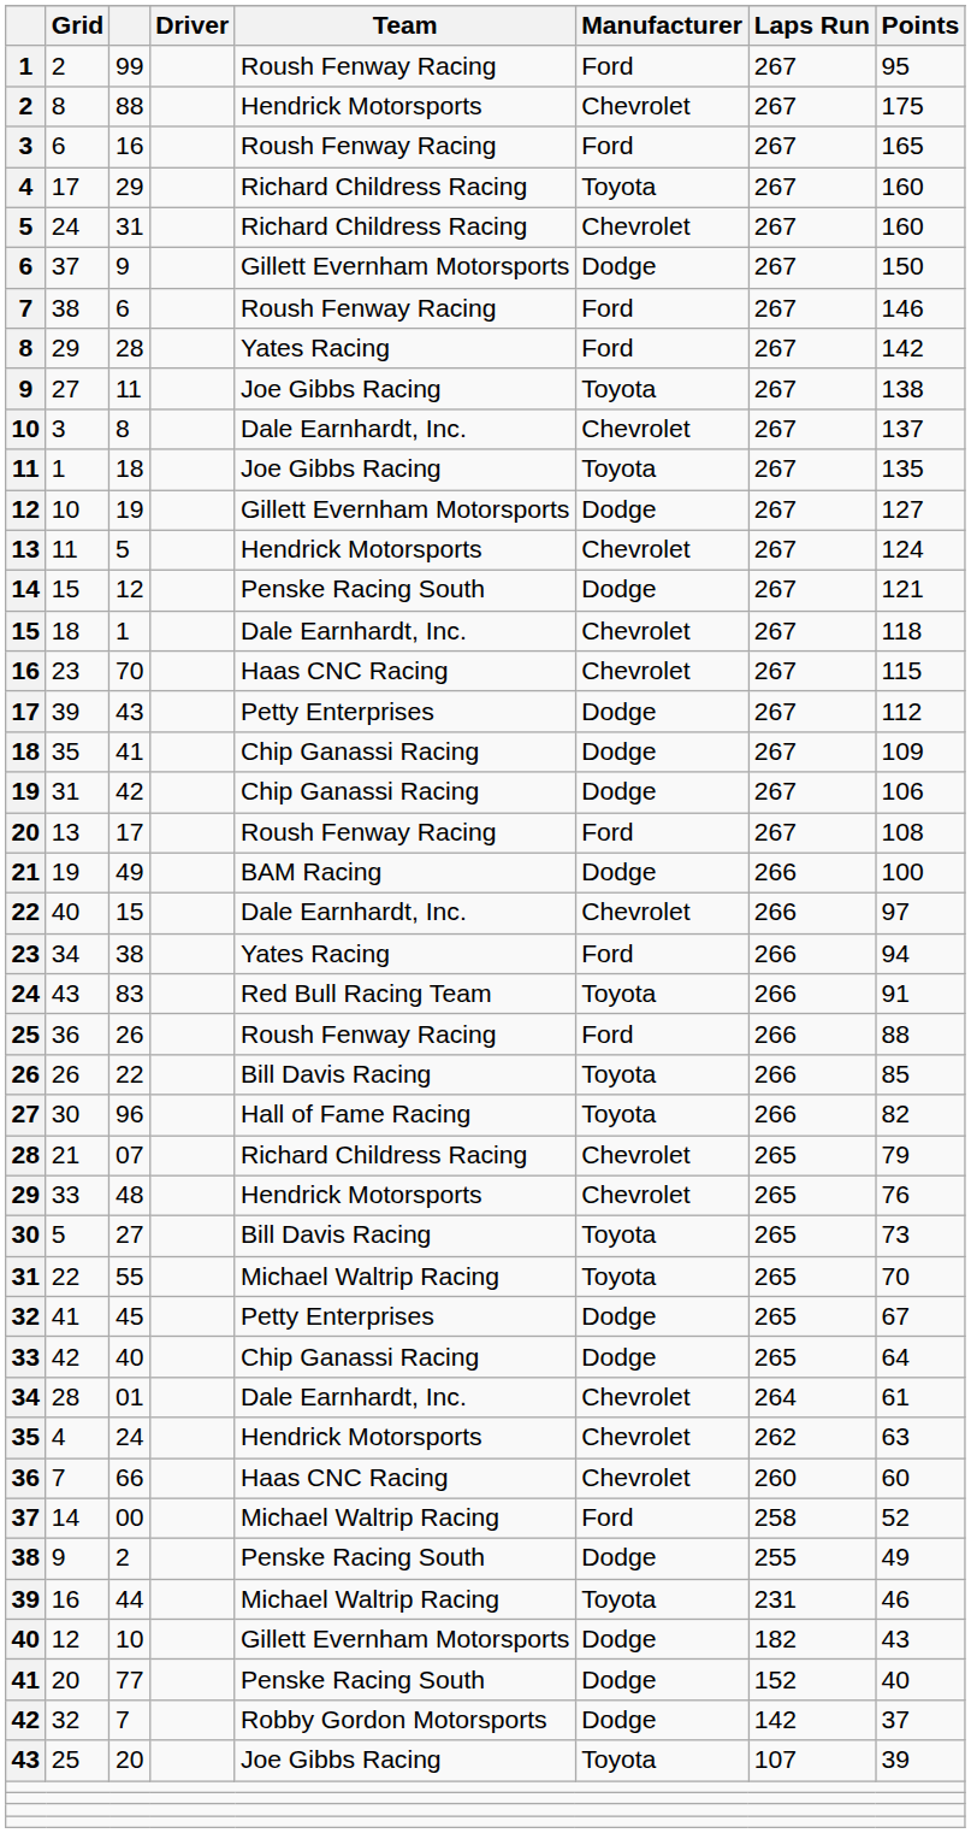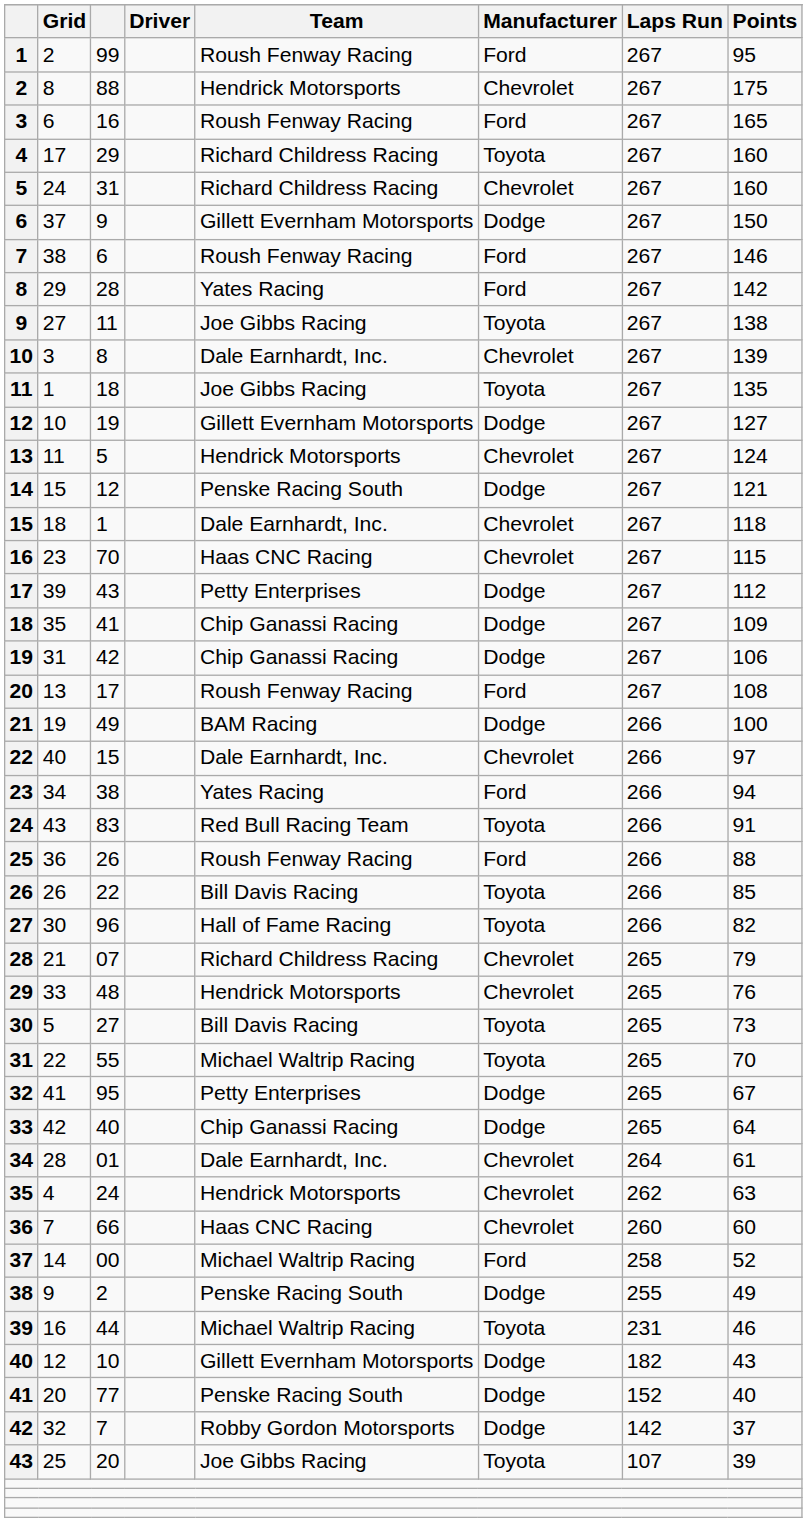 <table class="wikitable sortable">
 <tr>
 </tr>
 <tr>
 <th scope="col"></th>
 <th scope="col">Grid</th>
 <th scope="col"></th>
 <th scope="col">Driver</th>
 <th scope="col">Team</th>
 <th scope="col">Manufacturer</th>
 <th scope="col">Laps Run</th>
 <th scope="col">Points</th>
 </tr>
 <tr>
 <th scope="row">1</th>
 <td>2</td>
 <td>99</td>
 <td></td>
 <td>Roush Fenway Racing</td>
 <td>Ford</td>
 <td>267</td>
 <td>95</td>
 </tr>
 <tr>
 <th scope="row">2</th>
 <td>8</td>
 <td>88</td>
 <td></td>
 <td>Hendrick Motorsports</td>
 <td>Chevrolet</td>
 <td>267</td>
 <td>175</td>
 </tr>
 <tr>
 <th scope="row">3</th>
 <td>6</td>
 <td>16</td>
 <td></td>
 <td>Roush Fenway Racing</td>
 <td>Ford</td>
 <td>267</td>
 <td>165</td>
 </tr>
 <tr>
 <th scope="row">4</th>
 <td>17</td>
 <td>29</td>
 <td></td>
 <td>Richard Childress Racing</td>
 <td>Toyota</td>
 <td>267</td>
 <td>160</td>
 </tr>
 <tr>
 <th scope="row">5</th>
 <td>24</td>
 <td>31</td>
 <td></td>
 <td>Richard Childress Racing</td>
 <td>Chevrolet</td>
 <td>267</td>
 <td>160</td>
 </tr>
 <tr>
 <th scope="row">6</th>
 <td>37</td>
 <td>9</td>
 <td></td>
 <td>Gillett Evernham Motorsports</td>
 <td>Dodge</td>
 <td>267</td>
 <td>150</td>
 </tr>
 <tr>
 <th scope="row">7</th>
 <td>38</td>
 <td>6</td>
 <td></td>
 <td>Roush Fenway Racing</td>
 <td>Ford</td>
 <td>267</td>
 <td>146</td>
 </tr>
 <tr>
 <th scope="row">8</th>
 <td>29</td>
 <td>28</td>
 <td></td>
 <td>Yates Racing</td>
 <td>Ford</td>
 <td>267</td>
 <td>142</td>
 </tr>
 <tr>
 <th scope="row">9</th>
 <td>27</td>
 <td>11</td>
 <td></td>
 <td>Joe Gibbs Racing</td>
 <td>Toyota</td>
 <td>267</td>
 <td>138</td>
 </tr>
 <tr>
 <th scope="row">10</th>
 <td>3</td>
 <td>8</td>
 <td></td>
 <td>Dale Earnhardt, Inc.</td>
 <td>Chevrolet</td>
 <td>267</td>
-<td>137</td>
+<td>139</td>
 </tr>
 <tr>
 <th scope="row">11</th>
 <td>1</td>
 <td>18</td>
 <td></td>
 <td>Joe Gibbs Racing</td>
 <td>Toyota</td>
 <td>267</td>
 <td>135</td>
 </tr>
 <tr>
 <th scope="row">12</th>
 <td>10</td>
 <td>19</td>
 <td></td>
 <td>Gillett Evernham Motorsports</td>
 <td>Dodge</td>
 <td>267</td>
 <td>127</td>
 </tr>
 <tr>
 <th scope="row">13</th>
 <td>11</td>
 <td>5</td>
 <td></td>
 <td>Hendrick Motorsports</td>
 <td>Chevrolet</td>
 <td>267</td>
 <td>124</td>
 </tr>
 <tr>
 <th scope="row">14</th>
 <td>15</td>
 <td>12</td>
 <td></td>
 <td>Penske Racing South</td>
 <td>Dodge</td>
 <td>267</td>
 <td>121</td>
 </tr>
 <tr>
 <th scope="row">15</th>
 <td>18</td>
 <td>1</td>
 <td></td>
 <td>Dale Earnhardt, Inc.</td>
 <td>Chevrolet</td>
 <td>267</td>
 <td>118</td>
 </tr>
 <tr>
 <th scope="row">16</th>
 <td>23</td>
 <td>70</td>
 <td></td>
 <td>Haas CNC Racing</td>
 <td>Chevrolet</td>
 <td>267</td>
 <td>115</td>
 </tr>
 <tr>
 <th scope="row">17</th>
 <td>39</td>
 <td>43</td>
 <td></td>
 <td>Petty Enterprises</td>
 <td>Dodge</td>
 <td>267</td>
 <td>112</td>
 </tr>
 <tr>
 <th scope="row">18</th>
 <td>35</td>
 <td>41</td>
 <td></td>
 <td>Chip Ganassi Racing</td>
 <td>Dodge</td>
 <td>267</td>
 <td>109</td>
 </tr>
 <tr>
 <th scope="row">19</th>
 <td>31</td>
 <td>42</td>
 <td></td>
 <td>Chip Ganassi Racing</td>
 <td>Dodge</td>
 <td>267</td>
 <td>106</td>
 </tr>
 <tr>
 <th scope="row">20</th>
 <td>13</td>
 <td>17</td>
 <td></td>
 <td>Roush Fenway Racing</td>
 <td>Ford</td>
 <td>267</td>
 <td>108</td>
 </tr>
 <tr>
 <th scope="row">21</th>
 <td>19</td>
 <td>49</td>
 <td></td>
 <td>BAM Racing</td>
 <td>Dodge</td>
 <td>266</td>
 <td>100</td>
 </tr>
 <tr>
 <th scope="row">22</th>
 <td>40</td>
 <td>15</td>
 <td></td>
 <td>Dale Earnhardt, Inc.</td>
 <td>Chevrolet</td>
 <td>266</td>
 <td>97</td>
 </tr>
 <tr>
 <th scope="row">23</th>
 <td>34</td>
 <td>38</td>
 <td></td>
 <td>Yates Racing</td>
 <td>Ford</td>
 <td>266</td>
 <td>94</td>
 </tr>
 <tr>
 <th scope="row">24</th>
 <td>43</td>
 <td>83</td>
 <td></td>
 <td>Red Bull Racing Team</td>
 <td>Toyota</td>
 <td>266</td>
 <td>91</td>
 </tr>
 <tr>
 <th scope="row">25</th>
 <td>36</td>
 <td>26</td>
 <td></td>
 <td>Roush Fenway Racing</td>
 <td>Ford</td>
 <td>266</td>
 <td>88</td>
 </tr>
 <tr>
 <th scope="row">26</th>
 <td>26</td>
 <td>22</td>
 <td></td>
 <td>Bill Davis Racing</td>
 <td>Toyota</td>
 <td>266</td>
 <td>85</td>
 </tr>
 <tr>
 <th scope="row">27</th>
 <td>30</td>
 <td>96</td>
 <td></td>
 <td>Hall of Fame Racing</td>
 <td>Toyota</td>
 <td>266</td>
 <td>82</td>
 </tr>
 <tr>
 <th scope="row">28</th>
 <td>21</td>
 <td>07</td>
 <td></td>
 <td>Richard Childress Racing</td>
 <td>Chevrolet</td>
 <td>265</td>
 <td>79</td>
 </tr>
 <tr>
 <th scope="row">29</th>
 <td>33</td>
 <td>48</td>
 <td></td>
 <td>Hendrick Motorsports</td>
 <td>Chevrolet</td>
 <td>265</td>
 <td>76</td>
 </tr>
 <tr>
 <th scope="row">30</th>
 <td>5</td>
 <td>27</td>
 <td></td>
 <td>Bill Davis Racing</td>
 <td>Toyota</td>
 <td>265</td>
 <td>73</td>
 </tr>
 <tr>
 <th scope="row">31</th>
 <td>22</td>
 <td>55</td>
 <td></td>
 <td>Michael Waltrip Racing</td>
 <td>Toyota</td>
 <td>265</td>
 <td>70</td>
 </tr>
 <tr>
 <th scope="row">32</th>
 <td>41</td>
-<td>45</td>
+<td>95</td>
 <td></td>
 <td>Petty Enterprises</td>
 <td>Dodge</td>
 <td>265</td>
 <td>67</td>
 </tr>
 <tr>
 <th scope="row">33</th>
 <td>42</td>
 <td>40</td>
 <td></td>
 <td>Chip Ganassi Racing</td>
 <td>Dodge</td>
 <td>265</td>
 <td>64</td>
 </tr>
 <tr>
 <th scope="row">34</th>
 <td>28</td>
 <td>01</td>
 <td></td>
 <td>Dale Earnhardt, Inc.</td>
 <td>Chevrolet</td>
 <td>264</td>
 <td>61</td>
 </tr>
 <tr>
 <th scope="row">35</th>
 <td>4</td>
 <td>24</td>
 <td></td>
 <td>Hendrick Motorsports</td>
 <td>Chevrolet</td>
 <td>262</td>
 <td>63</td>
 </tr>
 <tr>
 <th scope="row">36</th>
 <td>7</td>
 <td>66</td>
 <td></td>
 <td>Haas CNC Racing</td>
 <td>Chevrolet</td>
 <td>260</td>
 <td>60</td>
 </tr>
 <tr>
 <th scope="row">37</th>
 <td>14</td>
 <td>00</td>
 <td></td>
 <td>Michael Waltrip Racing</td>
 <td>Ford</td>
 <td>258</td>
 <td>52</td>
 </tr>
 <tr>
 <th scope="row">38</th>
 <td>9</td>
 <td>2</td>
 <td></td>
 <td>Penske Racing South</td>
 <td>Dodge</td>
 <td>255</td>
 <td>49</td>
 </tr>
 <tr>
 <th scope="row">39</th>
 <td>16</td>
 <td>44</td>
 <td></td>
 <td>Michael Waltrip Racing</td>
 <td>Toyota</td>
 <td>231</td>
 <td>46</td>
 </tr>
 <tr>
 <th scope="row">40</th>
 <td>12</td>
 <td>10</td>
 <td></td>
 <td>Gillett Evernham Motorsports</td>
 <td>Dodge</td>
 <td>182</td>
 <td>43</td>
 </tr>
 <tr>
 <th scope="row">41</th>
 <td>20</td>
 <td>77</td>
 <td></td>
 <td>Penske Racing South</td>
 <td>Dodge</td>
 <td>152</td>
 <td>40</td>
 </tr>
 <tr>
 <th scope="row">42</th>
 <td>32</td>
 <td>7</td>
 <td></td>
 <td>Robby Gordon Motorsports</td>
 <td>Dodge</td>
 <td>142</td>
 <td>37</td>
 </tr>
 <tr>
 <th scope="row">43</th>
 <td>25</td>
 <td>20</td>
 <td></td>
 <td>Joe Gibbs Racing</td>
 <td>Toyota</td>
 <td>107</td>
 <td>39</td>
 </tr>
 <tr class="sortbottom">
 <td colspan="9"></td>
 </tr>
 <tr class="sortbottom">
 <td colspan="9"></td>
 </tr>
 <tr class="sortbottom">
 <td colspan="9"></td>
 </tr>
 <tr class="sortbottom">
 <td colspan="9"></td>
 </tr>
 </table>
